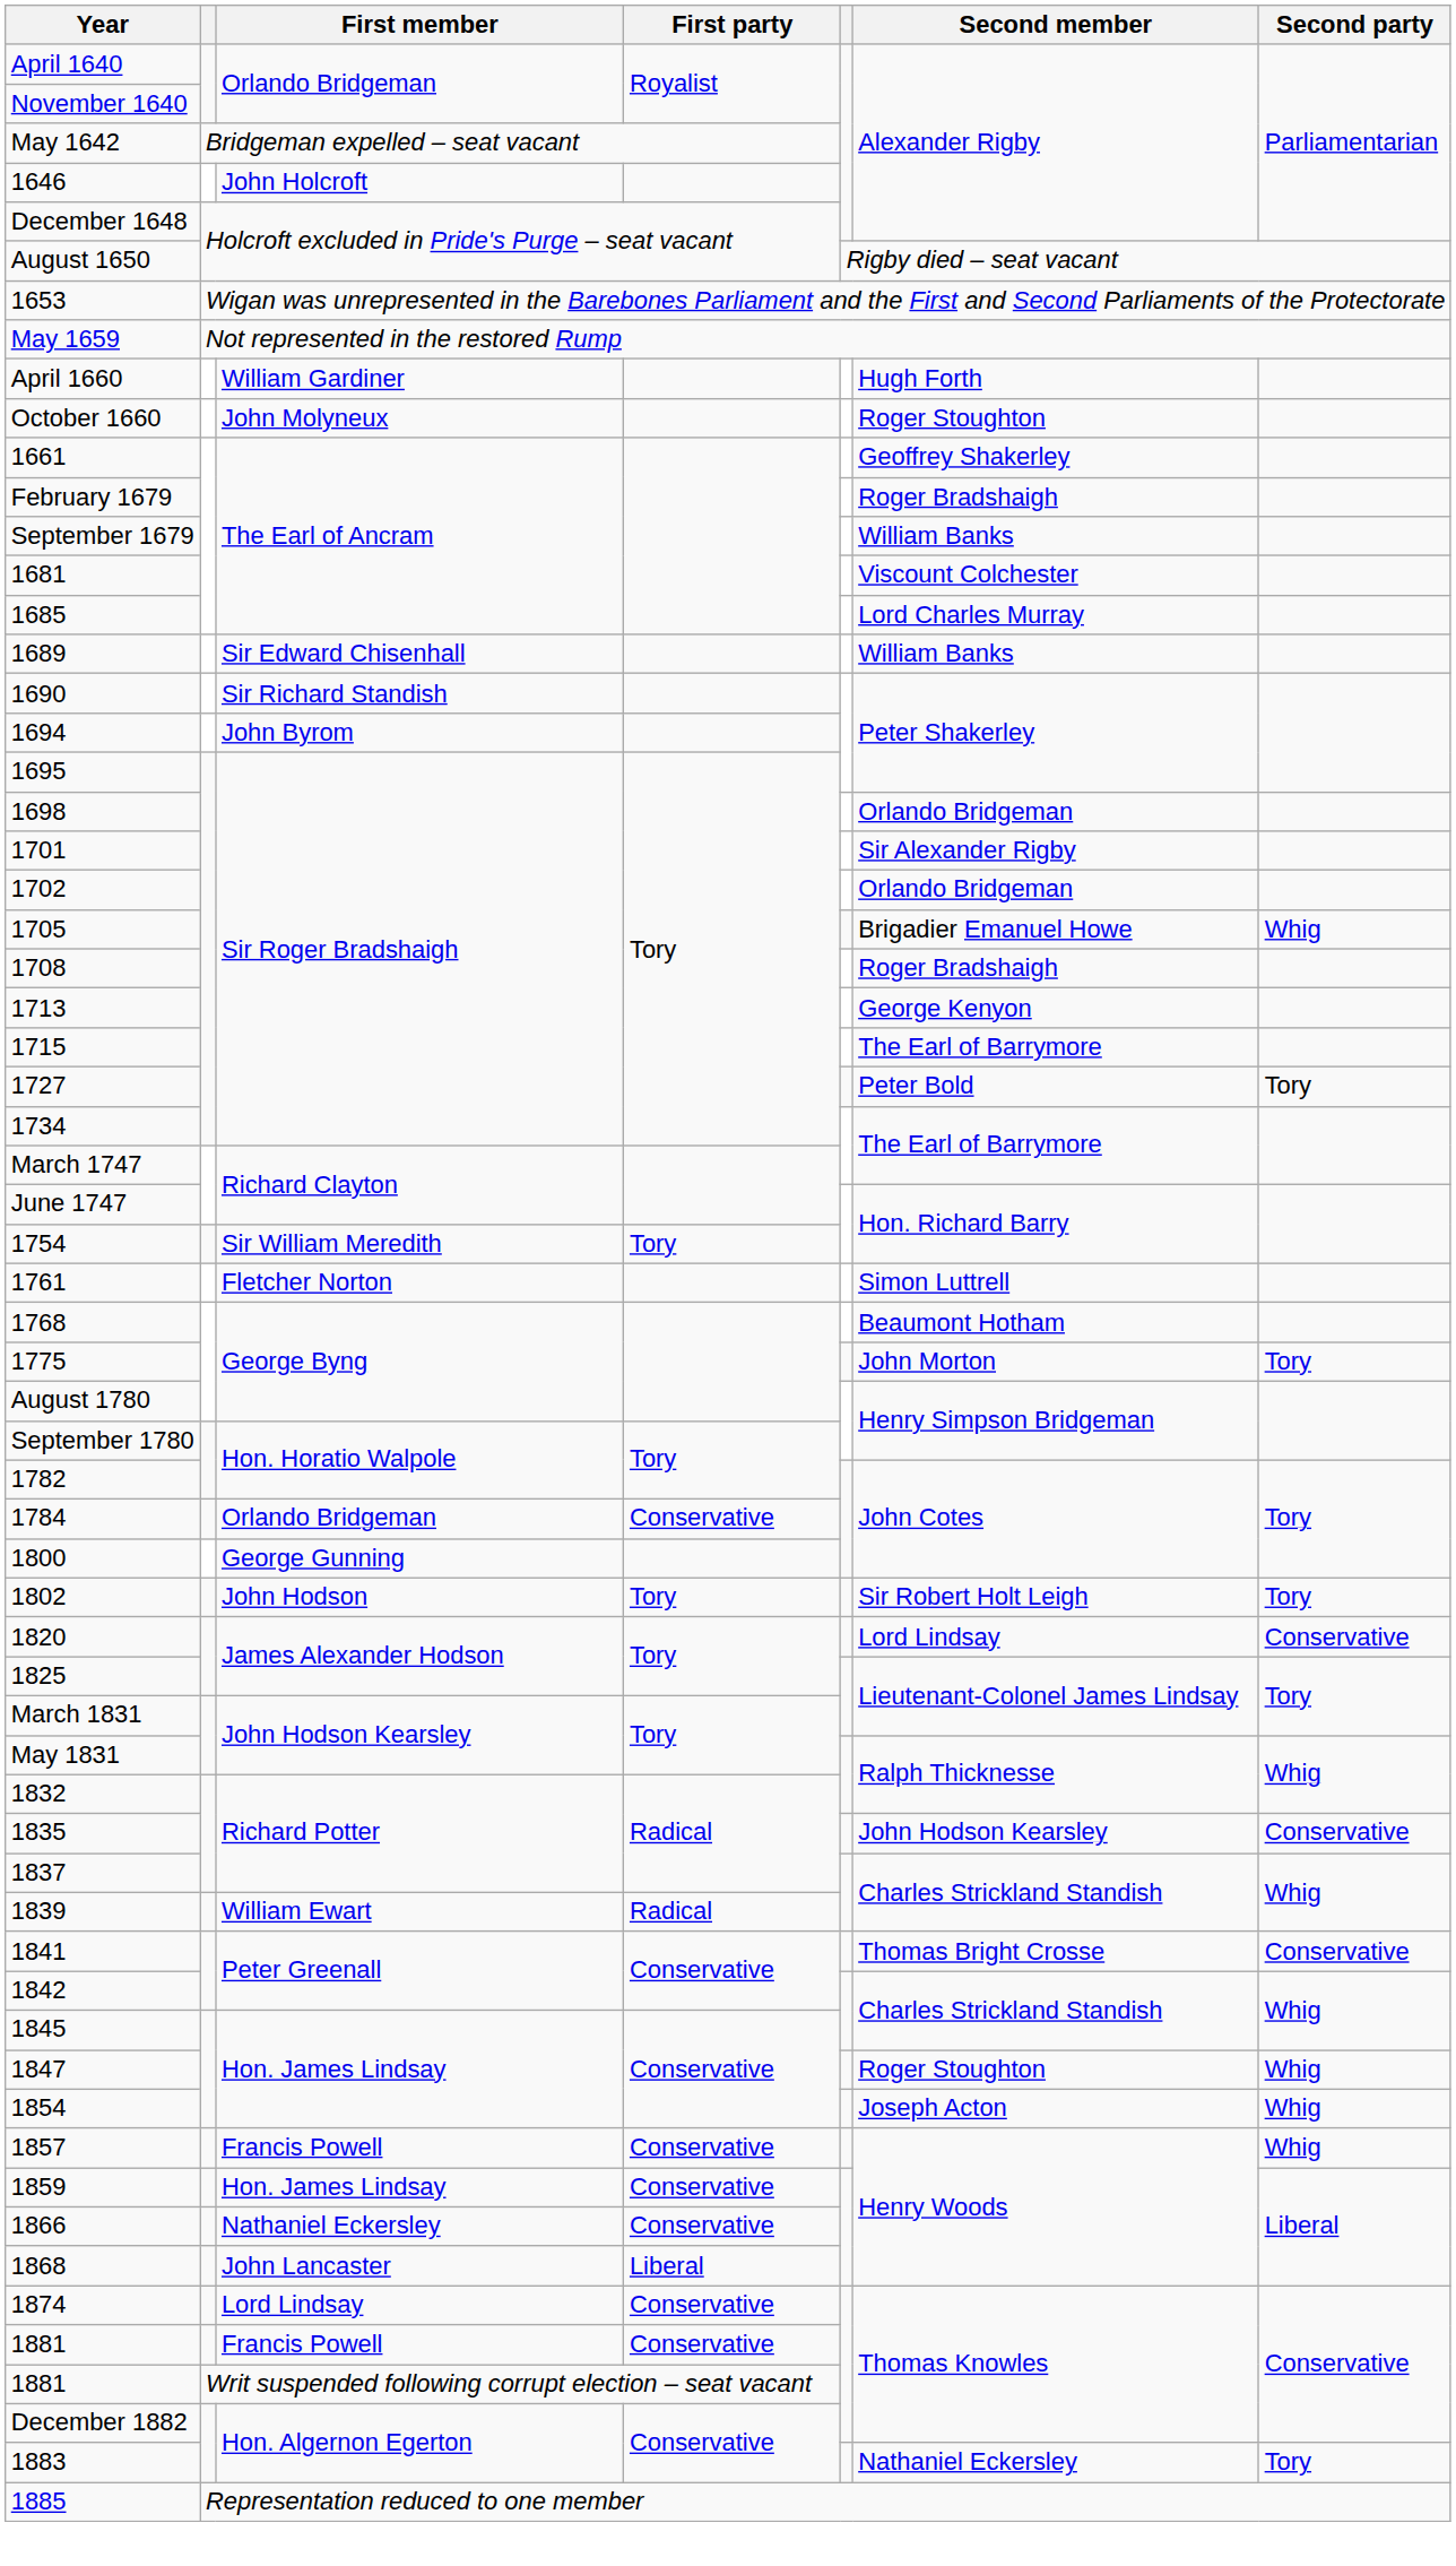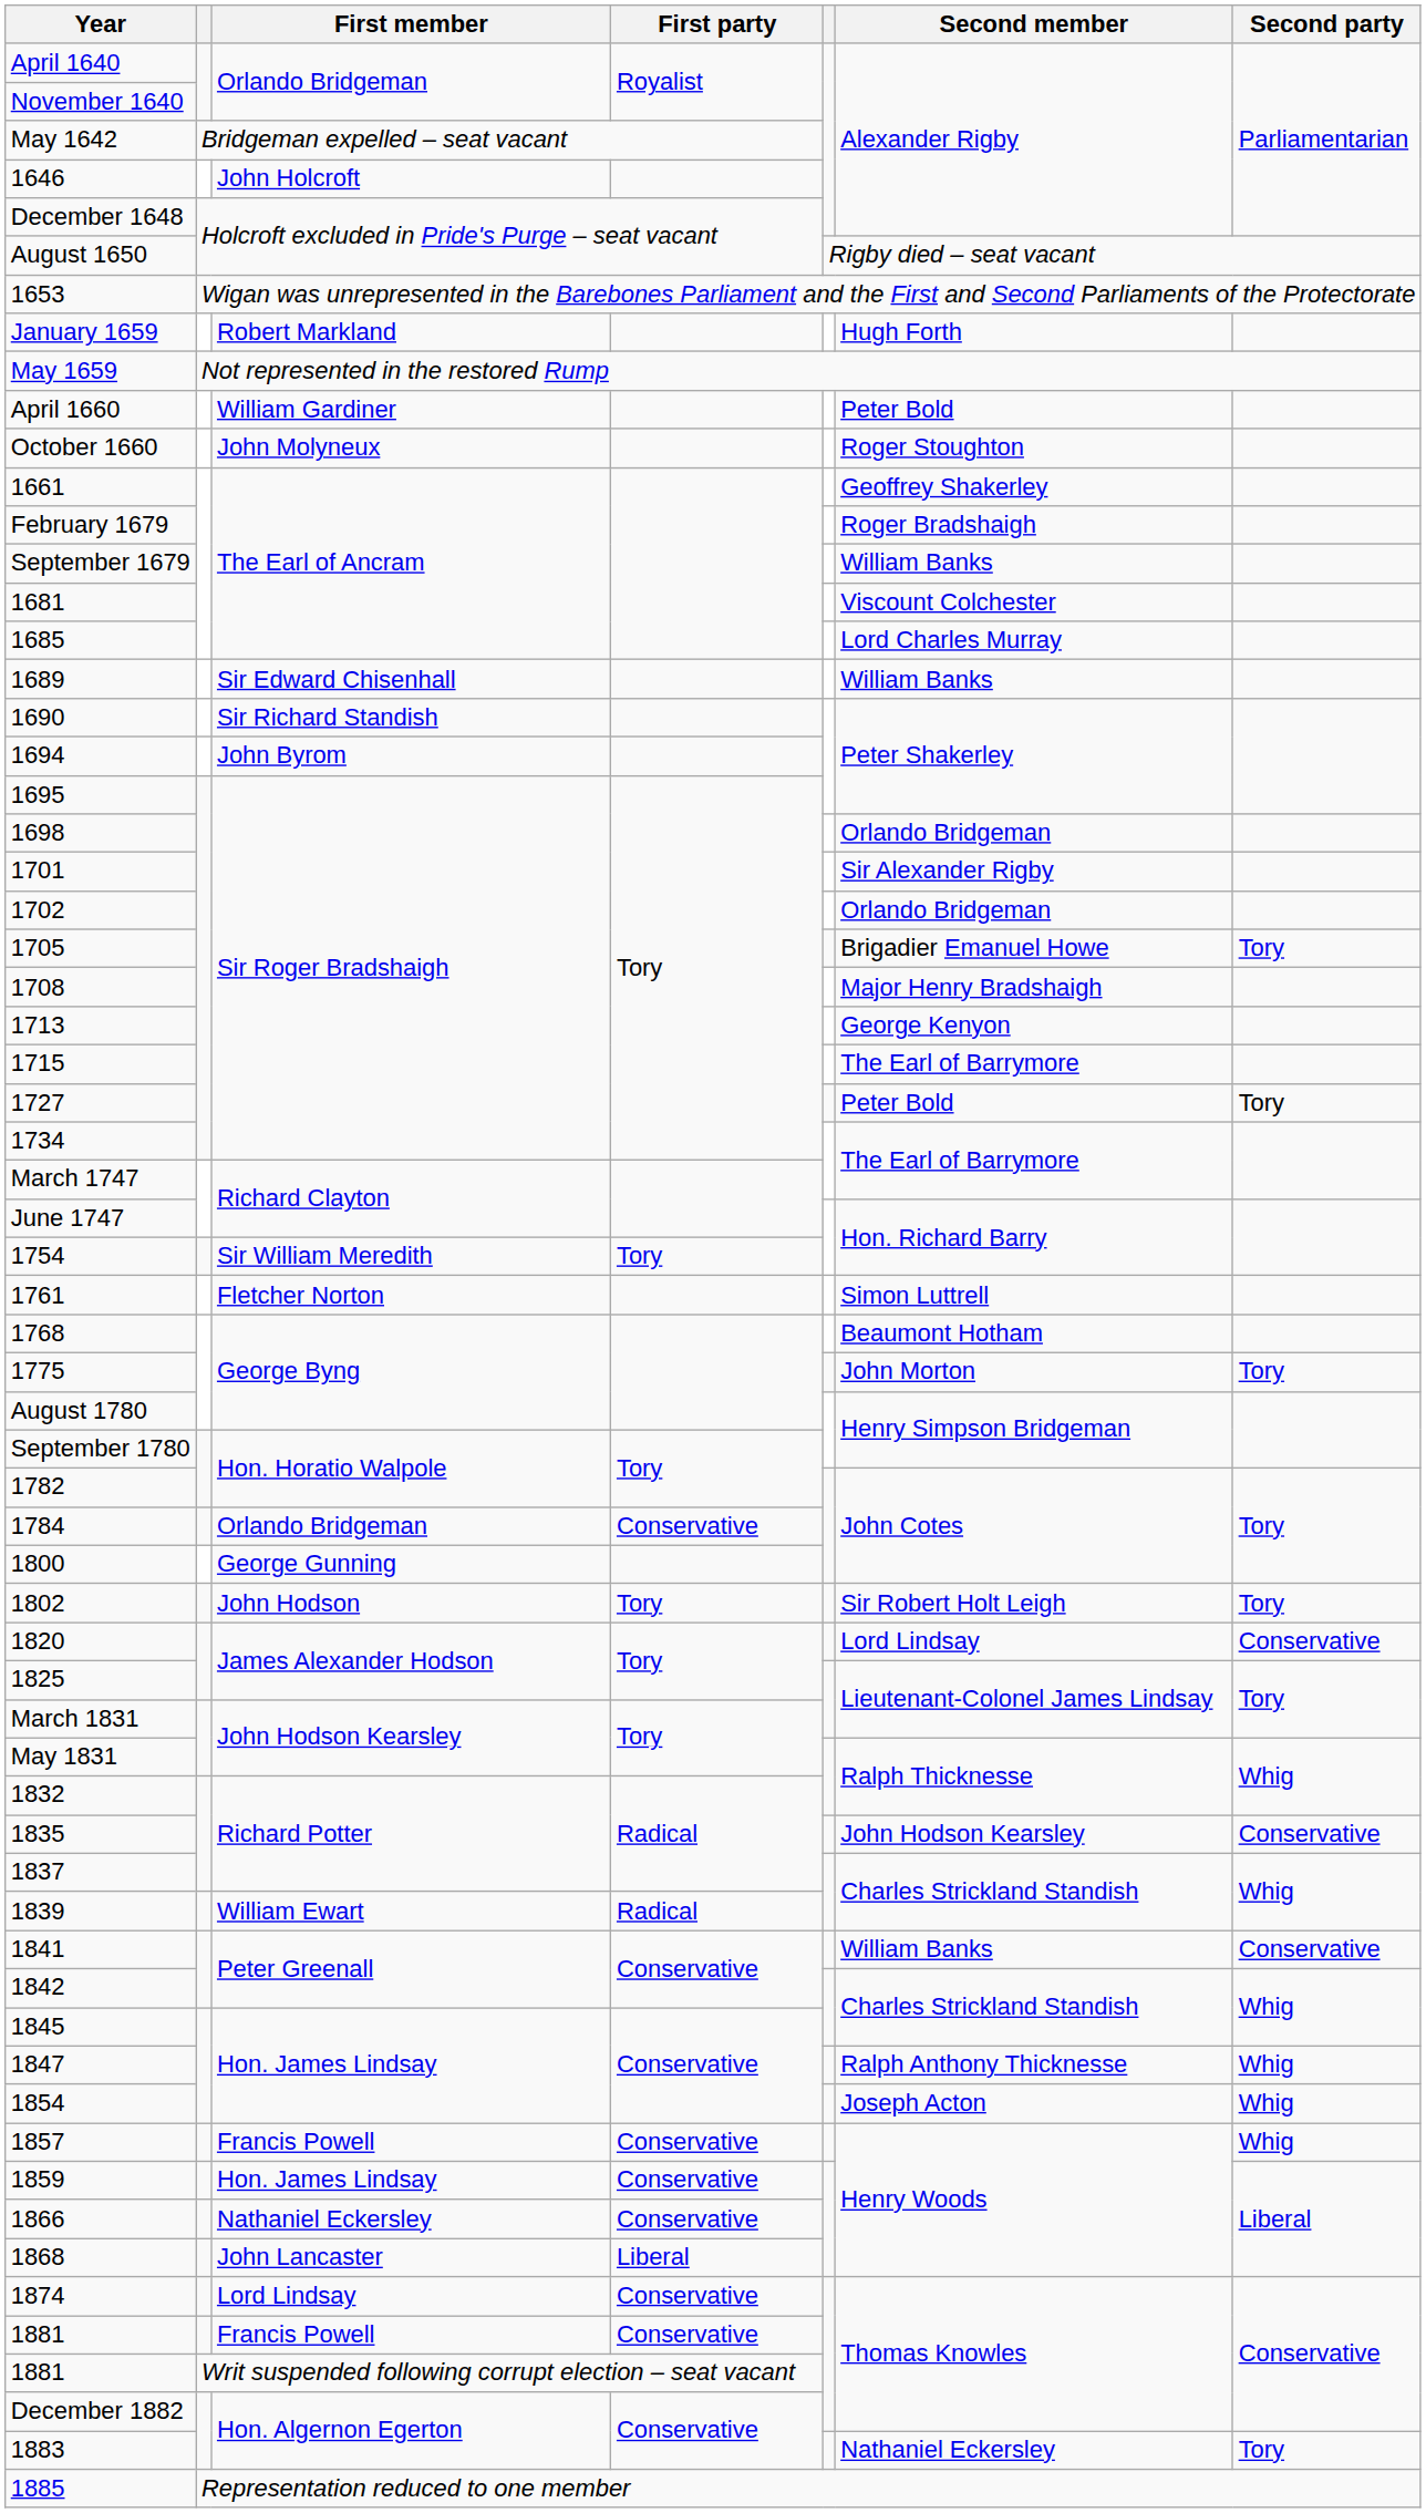 <table class="wikitable">
 <tr>
 <th>Year</th>
 <th></th>
 <th>First member</th>
 <th>First party</th>
 <th></th>
 <th>Second member</th>
 <th>Second party</th>
 </tr>
 <tr>
 <td><a href='#'>April 1640</a></td>
 <td rowspan="2" style="color:inherit;background-color: "></td>
 <td rowspan="2"><a href='#'>Orlando Bridgeman</a></td>
 <td rowspan="2"><a href='#'>Royalist</a></td>
 <td rowspan="5" style="color:inherit;background-color: "></td>
 <td rowspan="5"><a href='#'>Alexander Rigby</a></td>
 <td rowspan="5"><a href='#'>Parliamentarian</a></td>
 </tr>
 <tr>
 <td><a href='#'>November 1640</a></td>
 </tr>
 <tr>
 <td>May 1642</td>
 <td colspan="3"><em>Bridgeman expelled – seat vacant</em></td>
 </tr>
 <tr>
 <td>1646</td>
 <td style="color:inherit;background-color: white"></td>
 <td><a href='#'>John Holcroft</a></td>
 <td></td>
 </tr>
 <tr>
 <td>December 1648</td>
 <td rowspan="2" colspan="3"><em>Holcroft excluded in <a href='#'>Pride's Purge</a> – seat vacant</em></td>
 </tr>
 <tr>
 <td>August 1650</td>
 <td colspan="3"><em>Rigby died – seat vacant</em></td>
 </tr>
 <tr>
 <td>1653</td>
 <td colspan="6"><em>Wigan was unrepresented in the <a href='#'>Barebones Parliament</a> and the <a href='#'>First</a> and <a href='#'>Second</a> Parliaments of the Protectorate</em></td>
 </tr>
 <tr>
+<td><a href='#'>January 1659</a></td>
+<td style="color:inherit;background-color: white"></td>
+<td><a href='#'>Robert Markland</a></td>
+<td></td>
+<td style="color:inherit;background-color: white"></td>
+<td><a href='#'>Hugh Forth</a></td>
+<td></td>
+</tr>
+<tr>
 <td><a href='#'>May 1659</a></td>
 <td colspan="6"><em>Not represented in the restored <a href='#'>Rump</a></em></td>
 </tr>
 <tr>
 <td>April 1660</td>
 <td style="color:inherit;background-color: white"></td>
 <td><a href='#'>William Gardiner</a></td>
 <td></td>
 <td style="color:inherit;background-color: white"></td>
-<td><a href='#'>Hugh Forth</a></td>
+<td><a href='#'>Peter Bold</a></td>
 <td></td>
 </tr>
 <tr>
 <td>October 1660</td>
 <td style="color:inherit;background-color: white"></td>
 <td><a href='#'>John Molyneux</a></td>
 <td></td>
 <td style="color:inherit;background-color: white"></td>
 <td><a href='#'>Roger Stoughton</a></td>
 <td></td>
 </tr>
 <tr>
 <td>1661</td>
 <td rowspan="5" style="color:inherit;background-color: white"></td>
 <td rowspan="5"><a href='#'>The Earl of Ancram</a></td>
 <td rowspan="5"></td>
 <td style="color:inherit;background-color: white"></td>
 <td><a href='#'>Geoffrey Shakerley</a></td>
 <td></td>
 </tr>
 <tr>
 <td>February 1679</td>
 <td style="color:inherit;background-color: white"></td>
 <td><a href='#'>Roger Bradshaigh</a></td>
 <td></td>
 </tr>
 <tr>
 <td>September 1679</td>
 <td style="color:inherit;background-color: white"></td>
 <td><a href='#'>William Banks</a></td>
 <td></td>
 </tr>
 <tr>
 <td>1681</td>
 <td style="color:inherit;background-color: white"></td>
 <td><a href='#'>Viscount Colchester</a></td>
 <td></td>
 </tr>
 <tr>
 <td>1685</td>
 <td style="color:inherit;background-color: white"></td>
 <td><a href='#'>Lord Charles Murray</a></td>
 <td></td>
 </tr>
 <tr>
 <td>1689</td>
 <td style="color:inherit;background-color: white"></td>
 <td><a href='#'>Sir Edward Chisenhall</a></td>
 <td></td>
 <td style="color:inherit;background-color: white"></td>
 <td><a href='#'>William Banks</a></td>
 <td></td>
 </tr>
 <tr>
 <td>1690</td>
 <td style="color:inherit;background-color: white"></td>
 <td><a href='#'>Sir Richard Standish</a></td>
 <td></td>
 <td rowspan="3" style="color:inherit;background-color: white"></td>
 <td rowspan="3"><a href='#'>Peter Shakerley</a></td>
 <td rowspan="3"></td>
 </tr>
 <tr>
 <td>1694</td>
 <td style="color:inherit;background-color: white"></td>
 <td><a href='#'>John Byrom</a></td>
 <td></td>
 </tr>
 <tr>
 <td>1695</td>
 <td rowspan="10" style="color:inherit;background-color: "></td>
 <td rowspan="10"><a href='#'>Sir Roger Bradshaigh</a></td>
 <td rowspan="10">Tory</td>
 </tr>
 <tr>
 <td>1698</td>
 <td style="color:inherit;background-color: white"></td>
 <td><a href='#'>Orlando Bridgeman</a></td>
 <td></td>
 </tr>
 <tr>
 <td>1701</td>
 <td style="color:inherit;background-color: white"></td>
 <td><a href='#'>Sir Alexander Rigby</a></td>
 <td></td>
 </tr>
 <tr>
 <td>1702</td>
 <td style="color:inherit;background-color: white"></td>
 <td><a href='#'>Orlando Bridgeman</a></td>
 <td></td>
 </tr>
 <tr>
 <td>1705</td>
 <td style="color:inherit;background-color: "></td>
 <td>Brigadier <a href='#'>Emanuel Howe</a></td>
-<td><a href='#'>Whig</a></td>
+<td><a href='#'>Tory</a></td>
 </tr>
 <tr>
 <td>1708</td>
 <td style="color:inherit;background-color: white"></td>
-<td><a href='#'>Roger Bradshaigh</a></td>
+<td><a href='#'>Major Henry Bradshaigh</a></td>
 <td></td>
 </tr>
 <tr>
 <td>1713</td>
 <td style="color:inherit;background-color: white"></td>
 <td><a href='#'>George Kenyon</a></td>
 <td></td>
 </tr>
 <tr>
 <td>1715</td>
 <td style="color:inherit;background-color: white"></td>
 <td><a href='#'>The Earl of Barrymore</a></td>
 <td></td>
 </tr>
 <tr>
 <td>1727</td>
 <td style="color:inherit;background-color: "></td>
 <td><a href='#'>Peter Bold</a></td>
 <td>Tory</td>
 </tr>
 <tr>
 <td>1734</td>
 <td rowspan="2" style="color:inherit;background-color: white"></td>
 <td rowspan="2"><a href='#'>The Earl of Barrymore</a></td>
 <td rowspan="2"></td>
 </tr>
 <tr>
 <td>March 1747</td>
 <td rowspan="2" style="color:inherit;background-color: white"></td>
 <td rowspan="2"><a href='#'>Richard Clayton</a></td>
 <td rowspan="2"></td>
 </tr>
 <tr>
 <td>June 1747</td>
 <td rowspan="2" style="color:inherit;background-color: white"></td>
 <td rowspan="2"><a href='#'>Hon. Richard Barry</a></td>
 <td rowspan="2"></td>
 </tr>
 <tr>
 <td>1754</td>
 <td style="color:inherit;background-color: "></td>
 <td><a href='#'>Sir William Meredith</a></td>
 <td><a href='#'>Tory</a></td>
 </tr>
 <tr>
 <td>1761</td>
 <td style="color:inherit;background-color: white"></td>
 <td><a href='#'>Fletcher Norton</a></td>
 <td></td>
 <td style="color:inherit;background-color: white"></td>
 <td><a href='#'>Simon Luttrell</a></td>
 <td></td>
 </tr>
 <tr>
 <td>1768</td>
 <td rowspan="3" style="color:inherit;background-color: white"></td>
 <td rowspan="3"><a href='#'>George Byng</a></td>
 <td rowspan="3"></td>
 <td style="color:inherit;background-color: white"></td>
 <td><a href='#'>Beaumont Hotham</a></td>
 <td></td>
 </tr>
 <tr>
 <td>1775</td>
 <td style="color:inherit;background-color: "></td>
 <td><a href='#'>John Morton</a></td>
 <td><a href='#'>Tory</a></td>
 </tr>
 <tr>
 <td>August 1780</td>
 <td rowspan="2" style="color:inherit;background-color: white"></td>
 <td rowspan="2"><a href='#'>Henry Simpson Bridgeman</a></td>
 <td rowspan="2"></td>
 </tr>
 <tr>
 <td>September 1780</td>
 <td rowspan="2" style="color:inherit;background-color: "></td>
 <td rowspan="2"><a href='#'>Hon. Horatio Walpole</a></td>
 <td rowspan="2"><a href='#'>Tory</a></td>
 </tr>
 <tr>
 <td>1782</td>
 <td rowspan="3" style="color:inherit;background-color: "></td>
 <td rowspan="3"><a href='#'>John Cotes</a></td>
 <td rowspan="3"><a href='#'>Tory</a></td>
 </tr>
 <tr>
 <td>1784</td>
 <td style="color:inherit;background-color: "></td>
 <td><a href='#'>Orlando Bridgeman</a></td>
 <td><a href='#'>Conservative</a></td>
 </tr>
 <tr>
 <td>1800</td>
 <td style="color:inherit;background-color: white"></td>
 <td><a href='#'>George Gunning</a></td>
 <td></td>
 </tr>
 <tr>
 <td>1802</td>
 <td style="color:inherit;background-color: "></td>
 <td><a href='#'>John Hodson</a></td>
 <td><a href='#'>Tory</a></td>
 <td style="color:inherit;background-color: "></td>
 <td><a href='#'>Sir Robert Holt Leigh</a></td>
 <td><a href='#'>Tory</a></td>
 </tr>
 <tr>
 <td>1820</td>
 <td rowspan="2" style="color:inherit;background-color: "></td>
 <td rowspan="2"><a href='#'>James Alexander Hodson</a></td>
 <td rowspan="2"><a href='#'>Tory</a></td>
 <td style="color:inherit;background-color: "></td>
 <td><a href='#'>Lord Lindsay</a></td>
 <td><a href='#'>Conservative</a></td>
 </tr>
 <tr>
 <td>1825</td>
 <td rowspan="2" style="color:inherit;background-color: "></td>
 <td rowspan="2"><a href='#'>Lieutenant-Colonel James Lindsay</a></td>
 <td rowspan="2"><a href='#'>Tory</a></td>
 </tr>
 <tr>
 <td>March 1831</td>
 <td rowspan="2" style="color:inherit;background-color: "></td>
 <td rowspan="2"><a href='#'>John Hodson Kearsley</a></td>
 <td rowspan="2"><a href='#'>Tory</a></td>
 </tr>
 <tr>
 <td>May 1831</td>
 <td rowspan="2" style="color:inherit;background-color: "></td>
 <td rowspan="2"><a href='#'>Ralph Thicknesse</a></td>
 <td rowspan="2"><a href='#'>Whig</a></td>
 </tr>
 <tr>
 <td>1832</td>
 <td rowspan="3" style="color:inherit;background-color: "></td>
 <td rowspan="3"><a href='#'>Richard Potter</a></td>
 <td rowspan="3"><a href='#'>Radical</a></td>
 </tr>
 <tr>
 <td>1835</td>
 <td style="color:inherit;background-color: "></td>
 <td><a href='#'>John Hodson Kearsley</a></td>
 <td><a href='#'>Conservative</a></td>
 </tr>
 <tr>
 <td>1837</td>
 <td rowspan="2" style="color:inherit;background-color: "></td>
 <td rowspan="2"><a href='#'>Charles Strickland Standish</a></td>
 <td rowspan="2"><a href='#'>Whig</a></td>
 </tr>
 <tr>
 <td>1839</td>
 <td style="color:inherit;background-color: "></td>
 <td><a href='#'>William Ewart</a></td>
 <td><a href='#'>Radical</a></td>
 </tr>
 <tr>
 <td>1841</td>
 <td rowspan="2" style="color:inherit;background-color: "></td>
 <td rowspan="2"><a href='#'>Peter Greenall</a></td>
 <td rowspan="2"><a href='#'>Conservative</a></td>
 <td style="color:inherit;background-color: "></td>
-<td><a href='#'>Thomas Bright Crosse</a></td>
+<td><a href='#'>William Banks</a></td>
 <td><a href='#'>Conservative</a></td>
 </tr>
 <tr>
 <td>1842</td>
 <td rowspan="2" style="color:inherit;background-color: "></td>
 <td rowspan="2"><a href='#'>Charles Strickland Standish</a></td>
 <td rowspan="2"><a href='#'>Whig</a></td>
 </tr>
 <tr>
 <td>1845</td>
 <td rowspan="3" style="color:inherit;background-color: "></td>
 <td rowspan="3"><a href='#'>Hon. James Lindsay</a></td>
 <td rowspan="3"><a href='#'>Conservative</a></td>
 </tr>
 <tr>
 <td>1847</td>
 <td style="color:inherit;background-color: "></td>
-<td><a href='#'>Roger Stoughton</a></td>
+<td><a href='#'>Ralph Anthony Thicknesse</a></td>
 <td><a href='#'>Whig</a></td>
 </tr>
 <tr>
 <td>1854</td>
 <td style="color:inherit;background-color: "></td>
 <td><a href='#'>Joseph Acton</a></td>
 <td><a href='#'>Whig</a></td>
 </tr>
 <tr>
 <td>1857</td>
 <td style="color:inherit;background-color: "></td>
 <td><a href='#'>Francis Powell</a></td>
 <td><a href='#'>Conservative</a></td>
 <td style="color:inherit;background-color: "></td>
 <td rowspan="4"><a href='#'>Henry Woods</a></td>
 <td><a href='#'>Whig</a></td>
 </tr>
 <tr>
 <td>1859</td>
 <td style="color:inherit;background-color: "></td>
 <td><a href='#'>Hon. James Lindsay</a></td>
 <td><a href='#'>Conservative</a></td>
 <td rowspan="3" style="color:inherit;background-color: "></td>
 <td rowspan="3"><a href='#'>Liberal</a></td>
 </tr>
 <tr>
 <td>1866</td>
 <td style="color:inherit;background-color: "></td>
 <td><a href='#'>Nathaniel Eckersley</a></td>
 <td><a href='#'>Conservative</a></td>
 </tr>
 <tr>
 <td>1868</td>
 <td style="color:inherit;background-color: "></td>
 <td><a href='#'>John Lancaster</a></td>
 <td><a href='#'>Liberal</a></td>
 </tr>
 <tr>
 <td>1874</td>
 <td style="color:inherit;background-color: "></td>
 <td><a href='#'>Lord Lindsay</a></td>
 <td><a href='#'>Conservative</a></td>
 <td rowspan="4" style="color:inherit;background-color: "></td>
 <td rowspan="4"><a href='#'>Thomas Knowles</a></td>
 <td rowspan="4"><a href='#'>Conservative</a></td>
 </tr>
 <tr>
 <td>1881</td>
 <td style="color:inherit;background-color: "></td>
 <td><a href='#'>Francis Powell</a></td>
 <td><a href='#'>Conservative</a></td>
 </tr>
 <tr>
 <td>1881</td>
 <td colspan="3"><em>Writ suspended following corrupt election – seat vacant</em></td>
 </tr>
 <tr>
 <td>December 1882</td>
 <td rowspan="2" style="color:inherit;background-color: "></td>
 <td rowspan="2"><a href='#'>Hon. Algernon Egerton</a></td>
 <td rowspan="2"><a href='#'>Conservative</a></td>
 </tr>
 <tr>
 <td>1883</td>
 <td style="color:inherit;background-color: "></td>
 <td><a href='#'>Nathaniel Eckersley</a></td>
 <td><a href='#'>Tory</a></td>
 </tr>
 <tr>
 <td><a href='#'>1885</a></td>
 <td colspan="6"><em>Representation reduced to one member</em></td>
 </tr>
 </table>
